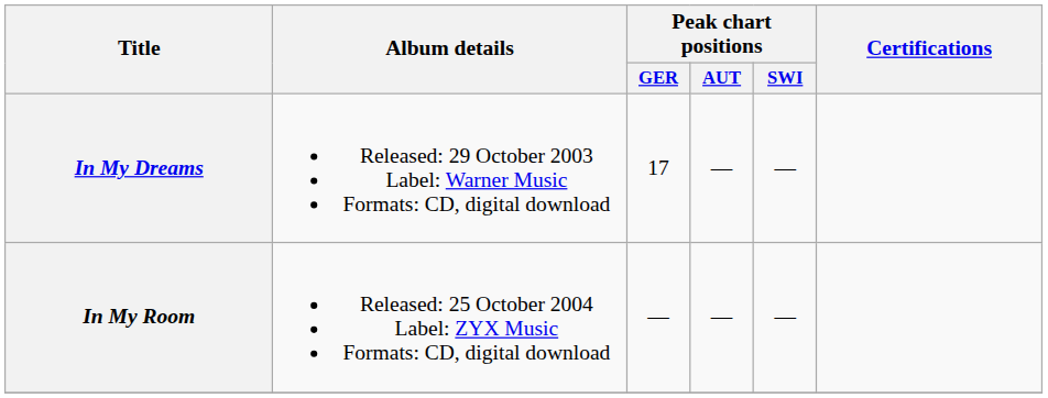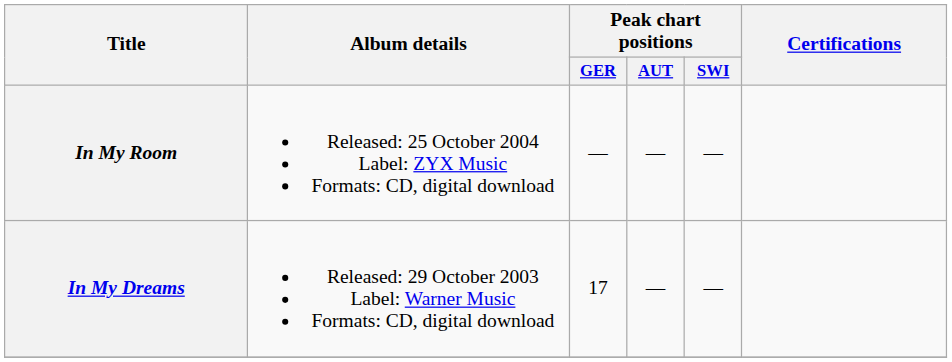 <table class="wikitable plainrowheaders" style="text-align:center;" border="1">
 <tr>
 <th scope="col" rowspan="2" style="width:12em;">Title</th>
 <th scope="col" rowspan="2" style="width:16em;">Album details</th>
 <th scope="col" colspan="3">Peak chart positions</th>
 <th scope="col" rowspan="2" style="width:10em;"><a href='#'>Certifications</a></th>
 </tr>
 <tr>
 <th style="width:3em;font-size:85%"><a href='#'>GER</a><br></th>
 <th style="width:3em;font-size:85%"><a href='#'>AUT</a><br></th>
 <th style="width:3em;font-size:85%"><a href='#'>SWI</a><br></th>
 </tr>
 <tr>
+<th scope="row"><em>In My Room</em></th>
+<td><br><ul><li>Released: 25 October 2004</li><li>Label: <a href='#'>ZYX Music</a></li><li>Formats: CD, digital download</li></ul></td>
+<td>—</td>
+<td>—</td>
+<td>—</td>
+<td align="left"></td>
+</tr>
+<tr>
 <th scope="row"><em><a href='#'>In My Dreams</a></em></th>
 <td><br><ul><li>Released: 29 October 2003</li><li>Label: <a href='#'>Warner Music</a></li><li>Formats: CD, digital download</li></ul></td>
 <td>17</td>
 <td>—</td>
 <td>—</td>
 <td align="left"></td>
 </tr>
 <tr>
-<th scope="row"><em>In My Room</em></th>
-<td><br><ul><li>Released: 25 October 2004</li><li>Label: <a href='#'>ZYX Music</a></li><li>Formats: CD, digital download</li></ul></td>
-<td>—</td>
-<td>—</td>
-<td>—</td>
-<td align="left"></td>
-</tr>
-<tr>
 </tr>
 </table>
